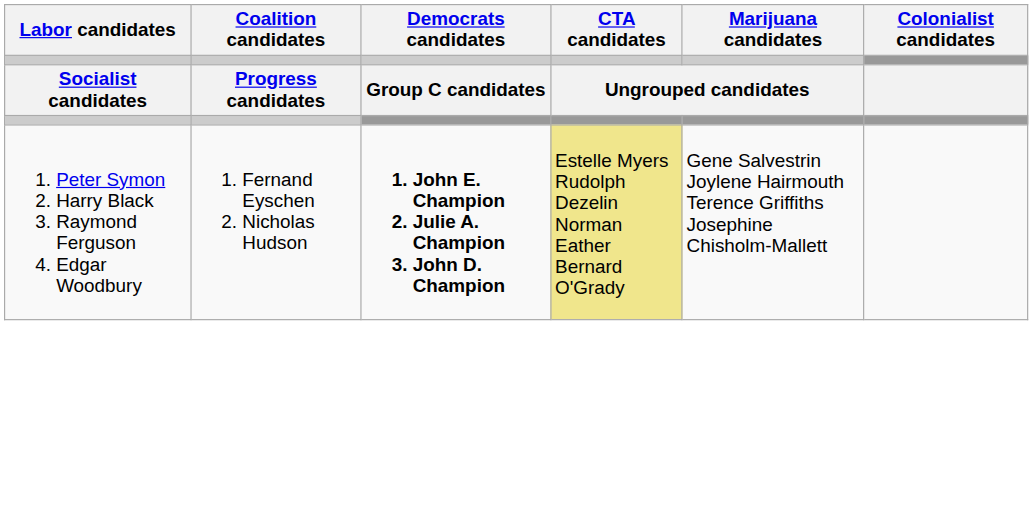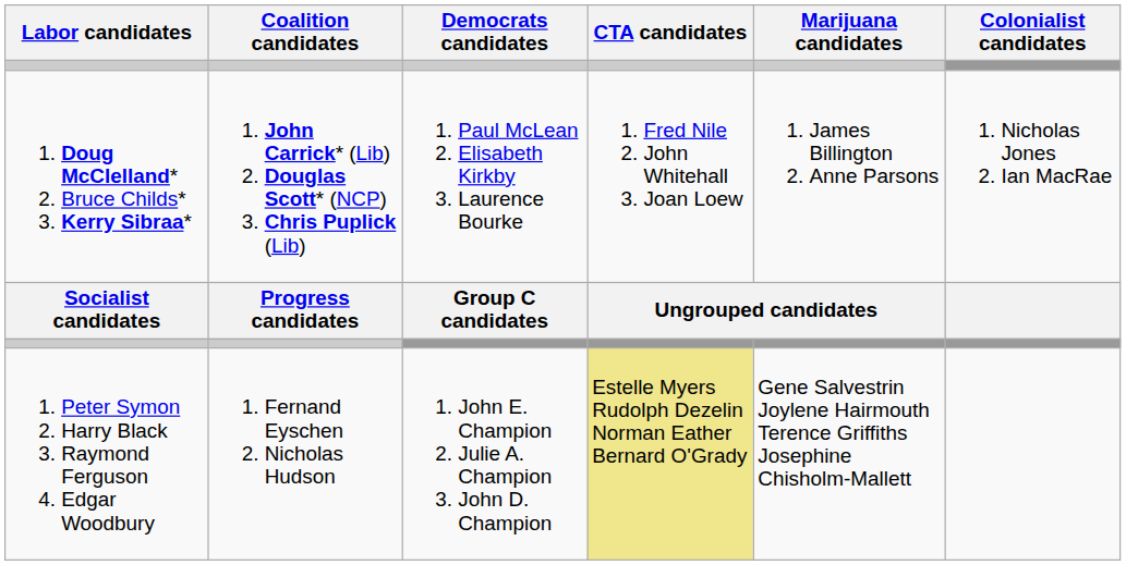 <table class="wikitable">
 <tr>
 <th><a href='#'>Labor</a> candidates</th>
 <th><a href='#'>Coalition</a> candidates</th>
 <th><a href='#'>Democrats</a> candidates</th>
 <th><a href='#'>CTA</a> candidates</th>
 <th><a href='#'>Marijuana</a> candidates</th>
 <th><a href='#'>Colonialist</a> candidates</th>
 </tr>
 <tr bgcolor="#cccccc">
 <td></td>
 <td></td>
 <td></td>
 <td></td>
 <td></td>
 <td bgcolor="#999999"></td>
+</tr>
+<tr>
+<td><br><ol><li><strong><a href='#'>Doug McClelland</a></strong>*</li><li><a href='#'>Bruce Childs</a>*</li><li><strong><a href='#'>Kerry Sibraa</a></strong>*</li></ol></td>
+<td><br><ol><li><strong><a href='#'>John Carrick</a></strong>* (<a href='#'>Lib</a>)</li><li><strong><a href='#'>Douglas Scott</a></strong>* (<a href='#'>NCP</a>)</li><li><strong><a href='#'>Chris Puplick</a></strong> (<a href='#'>Lib</a>)</li></ol></td>
+<td valign=top><br><ol><li><a href='#'>Paul McLean</a></li><li><a href='#'>Elisabeth Kirkby</a></li><li>Laurence Bourke</li></ol></td>
+<td valign=top><br><ol><li><a href='#'>Fred Nile</a></li><li>John Whitehall</li><li>Joan Loew</li></ol></td>
+<td valign=top><br><ol><li>James Billington</li><li>Anne Parsons</li></ol></td>
+<td valign=top><br><ol><li>Nicholas Jones</li><li>Ian MacRae</li></ol></td>
 </tr>
 <tr bgcolor="#cccccc">
 <th><a href='#'>Socialist</a> candidates</th>
 <th><a href='#'>Progress</a> candidates</th>
 <th>Group C candidates</th>
 <th colspan="2">Ungrouped candidates</th>
 <th></th>
 </tr>
 <tr bgcolor="#cccccc">
 <td></td>
 <td></td>
 <td bgcolor="#999999"></td>
 <td bgcolor="#999999"></td>
 <td bgcolor="#999999"></td>
 <td bgcolor="#999999"></td>
 </tr>
 <tr>
 <td valign=top><br><ol><li><a href='#'>Peter Symon</a></li><li>Harry Black</li><li>Raymond Ferguson</li><li>Edgar Woodbury</li></ol></td>
 <td valign=top><br><ol><li>Fernand Eyschen</li><li>Nicholas Hudson</li></ol></td>
-<td valign=top><strong><br><ol><li>John E. Champion</li><li>Julie A. Champion</li><li>John D. Champion</li></ol></strong></td>
+<td valign=top><br><ol><li>John E. Champion</li><li>Julie A. Champion</li><li>John D. Champion</li></ol></td>
 <td valign=top style="background: khaki;"><br>Estelle Myers<br> Rudolph Dezelin<br> Norman Eather<br> Bernard O'Grady</td>
 <td valign=top><br>Gene Salvestrin<br> Joylene Hairmouth<br> Terence Griffiths<br> Josephine Chisholm-Mallett</td>
 <td valign=top></td>
 </tr>
 </table>
